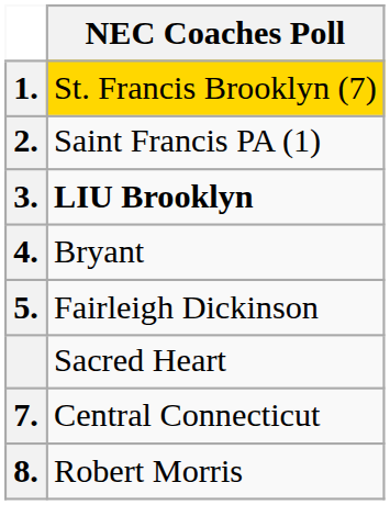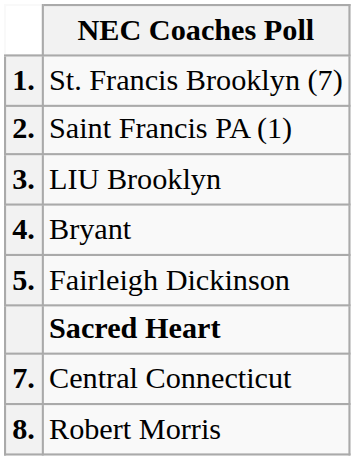 <table class="wikitable" style="white-space:nowrap; font-size:90%;">
 <tr>
 <td ! colspan=1 style="background:white; border-top-style:hidden; border-left-style:hidden;"></td>
 <th>NEC Coaches Poll</th>
 </tr>
 <tr>
 <th>1.</th>
-<td style="background: gold;">St. Francis Brooklyn (7)</td>
+<td>St. Francis Brooklyn (7)</td>
 </tr>
 <tr>
 <th>2.</th>
 <td>Saint Francis PA (1)</td>
 </tr>
 <tr>
 <th>3.</th>
-<td><strong>LIU Brooklyn</strong></td>
+<td>LIU Brooklyn</td>
 </tr>
 <tr>
 <th>4.</th>
 <td>Bryant</td>
 </tr>
 <tr>
 <th>5.</th>
 <td>Fairleigh Dickinson</td>
 </tr>
 <tr>
 <th></th>
-<td>Sacred Heart</td>
+<td><strong>Sacred Heart</strong></td>
 </tr>
 <tr>
 <th>7.</th>
 <td>Central Connecticut</td>
 </tr>
 <tr>
 <th>8.</th>
 <td>Robert Morris</td>
 </tr>
 </table>
